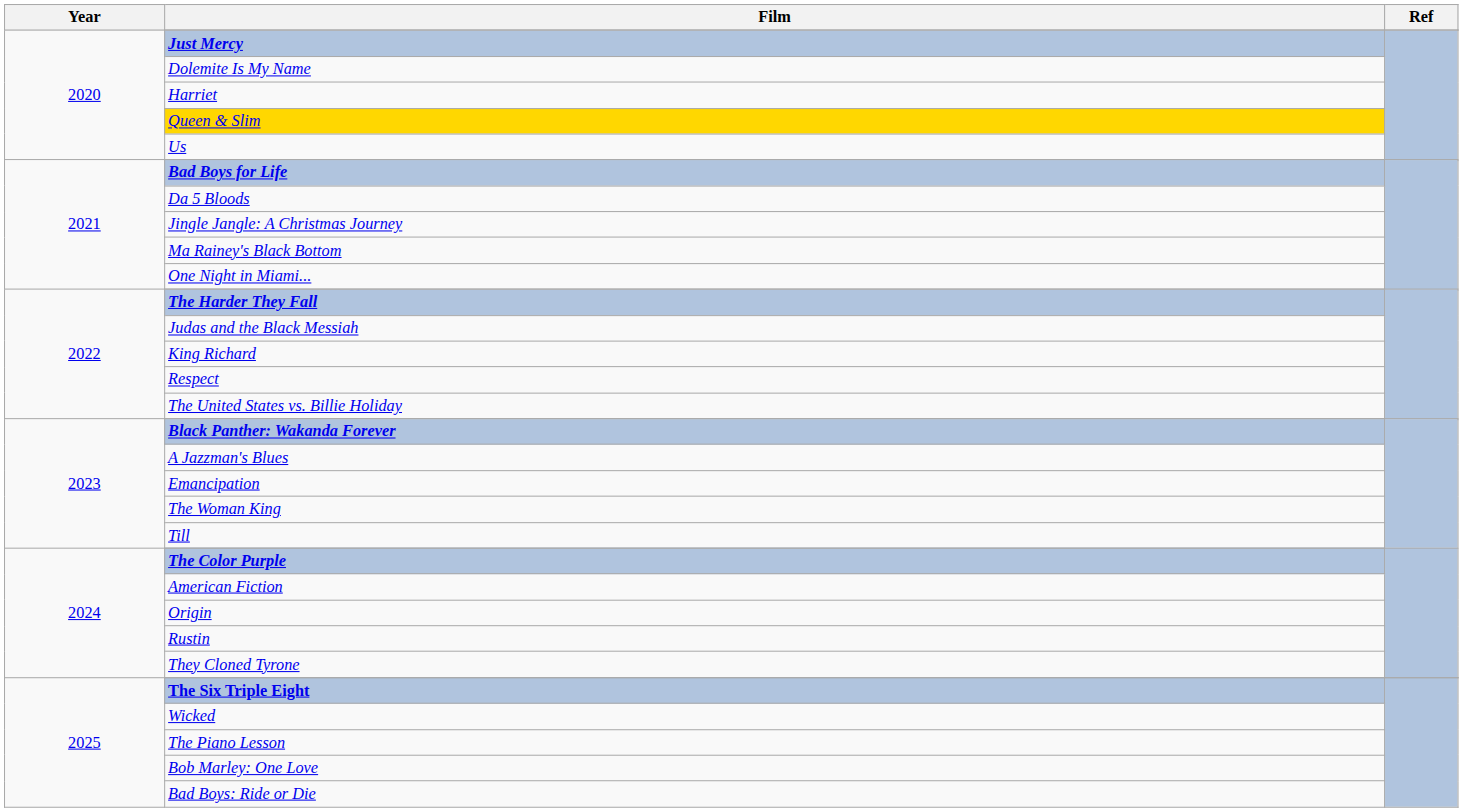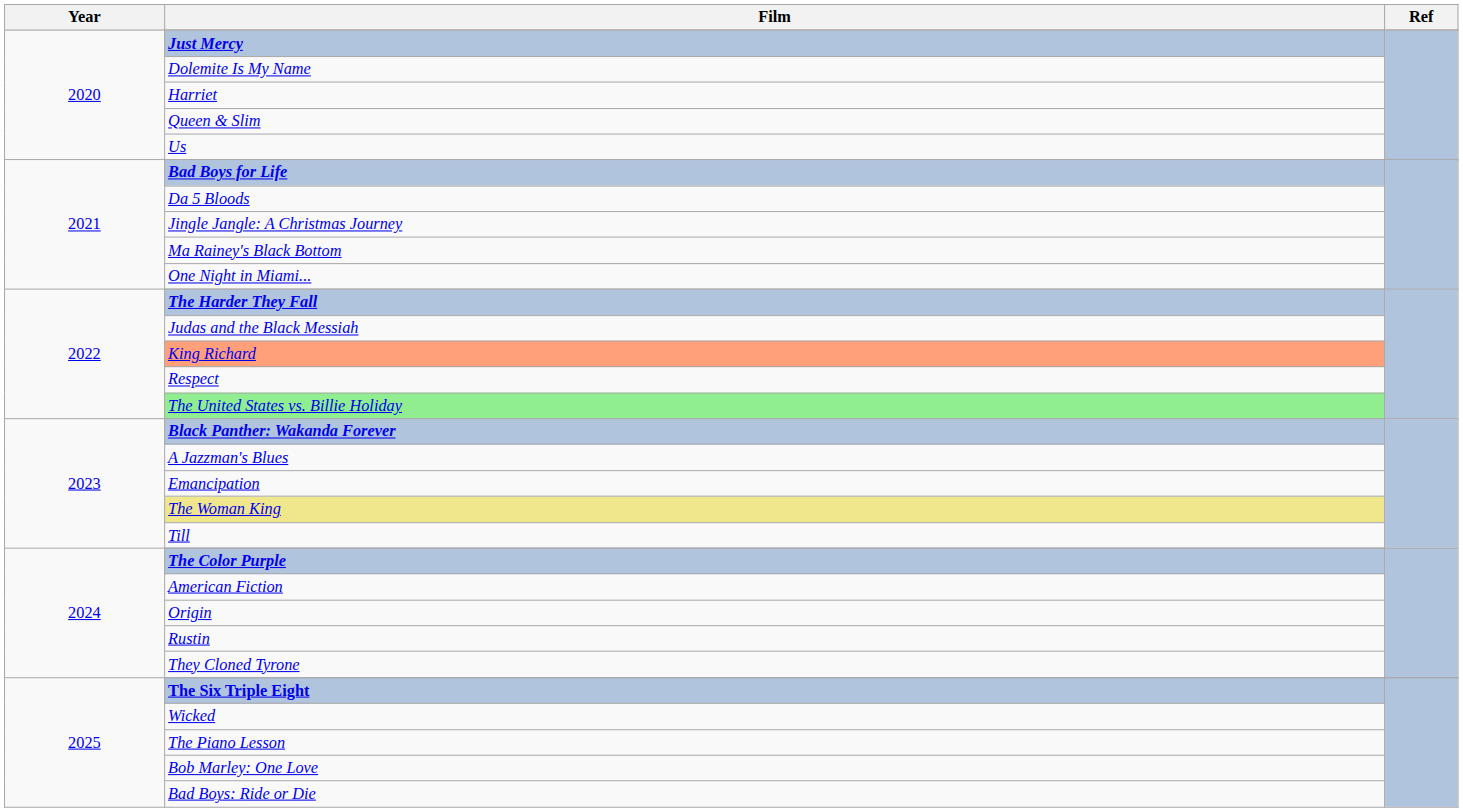 <table class="wikitable" style="width:90%;">
 <tr style="background:#bebebe;">
 <th style="width:11%;">Year</th>
 <th style="width:84%;">Film</th>
 <th style="width:5%;">Ref</th>
 </tr>
 <tr>
 <td rowspan="6" align="center"><a href='#'>2020</a></td>
 </tr>
 <tr style="background:#B0C4DE">
 <td><strong><em><a href='#'>Just Mercy</a></em></strong></td>
 <td rowspan="6" align="center"></td>
 </tr>
 <tr>
 <td><em><a href='#'>Dolemite Is My Name</a></em></td>
 </tr>
 <tr>
 <td><em><a href='#'>Harriet</a></em></td>
 </tr>
 <tr>
-<td style="background: gold;"><em><a href='#'>Queen & Slim</a></em></td>
+<td><em><a href='#'>Queen & Slim</a></em></td>
 </tr>
 <tr>
 <td><em><a href='#'>Us</a></em></td>
 </tr>
 <tr>
 <td rowspan="6" align="center"><a href='#'>2021</a></td>
 </tr>
 <tr style="background:#B0C4DE">
 <td><strong><em><a href='#'>Bad Boys for Life</a></em></strong></td>
 <td rowspan="6" align="center"></td>
 </tr>
 <tr>
 <td><em><a href='#'>Da 5 Bloods</a></em></td>
 </tr>
 <tr>
 <td><em><a href='#'>Jingle Jangle: A Christmas Journey</a></em></td>
 </tr>
 <tr>
 <td><em><a href='#'>Ma Rainey's Black Bottom</a></em></td>
 </tr>
 <tr>
 <td><em><a href='#'>One Night in Miami...</a></em></td>
 </tr>
 <tr>
 <td rowspan="6" align="center"><a href='#'>2022</a></td>
 </tr>
 <tr style="background:#B0C4DE">
 <td><strong><em><a href='#'>The Harder They Fall</a></em></strong></td>
 <td rowspan="6" align="center"></td>
 </tr>
 <tr>
 <td><em><a href='#'>Judas and the Black Messiah</a></em></td>
 </tr>
 <tr>
-<td><em><a href='#'>King Richard</a></em></td>
+<td style="background: lightsalmon;"><em><a href='#'>King Richard</a></em></td>
 </tr>
 <tr>
 <td><em><a href='#'>Respect</a></em></td>
 </tr>
 <tr>
-<td><em><a href='#'>The United States vs. Billie Holiday</a></em></td>
+<td style="background: lightgreen;"><em><a href='#'>The United States vs. Billie Holiday</a></em></td>
 </tr>
 <tr>
 <td rowspan="6" align="center"><a href='#'>2023</a></td>
 </tr>
 <tr style="background:#B0C4DE">
 <td><strong><em><a href='#'>Black Panther: Wakanda Forever</a></em></strong></td>
 <td rowspan="6" align="center"></td>
 </tr>
 <tr>
 <td><em><a href='#'>A Jazzman's Blues</a></em></td>
 </tr>
 <tr>
 <td><em><a href='#'>Emancipation</a></em></td>
 </tr>
 <tr>
-<td><em><a href='#'>The Woman King</a></em></td>
+<td style="background: khaki;"><em><a href='#'>The Woman King</a></em></td>
 </tr>
 <tr>
 <td><em><a href='#'>Till</a></em></td>
 </tr>
 <tr>
 <td rowspan="6" align="center"><a href='#'>2024</a></td>
 </tr>
 <tr style="background:#B0C4DE">
 <td><em><a href='#'><strong>The Color Purple</strong></a></em></td>
 <td rowspan="5" align="center"></td>
 </tr>
 <tr>
 <td><em><a href='#'>American Fiction</a></em></td>
 </tr>
 <tr>
 <td><em><a href='#'>Origin</a></em></td>
 </tr>
 <tr>
 <td><em><a href='#'>Rustin</a></em></td>
 </tr>
 <tr>
 <td><em><a href='#'>They Cloned Tyrone</a></em></td>
 </tr>
 <tr>
 <td rowspan="6" align="center"><a href='#'>2025</a></td>
 </tr>
 <tr style="background:#B0C4DE">
 <td><strong><a href='#'>The Six Triple Eight</a></strong></td>
 <td rowspan="5" align="center"></td>
 </tr>
 <tr>
 <td><em><a href='#'>Wicked</a></em></td>
 </tr>
 <tr>
 <td><em><a href='#'>The Piano Lesson</a></em></td>
 </tr>
 <tr>
 <td><em><a href='#'>Bob Marley: One Love</a></em></td>
 </tr>
 <tr>
 <td><em><a href='#'>Bad Boys: Ride or Die</a></em></td>
 </tr>
 </table>
